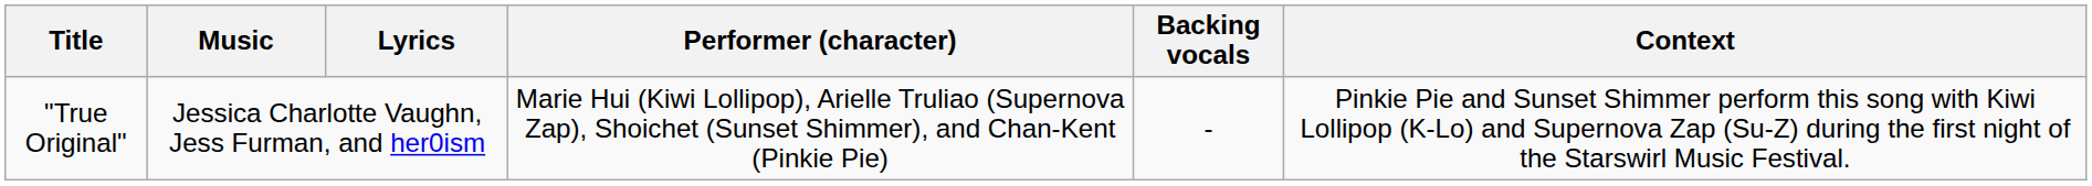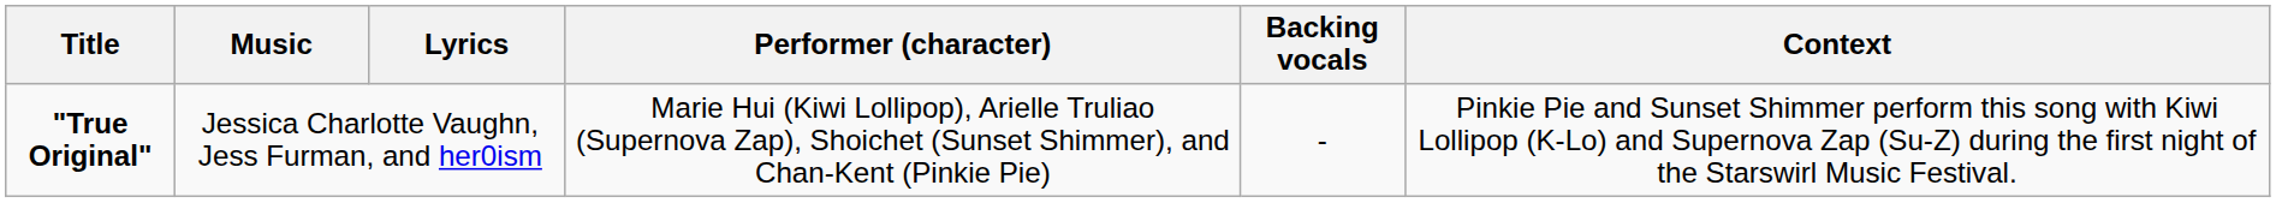 <table class="wikitable sortable" style="text-align: center">
 <tr>
 <th><strong>Title</strong></th>
 <th>Music</th>
 <th>Lyrics</th>
 <th><strong>Performer (character)</strong></th>
 <th><strong>Backing vocals</strong></th>
 <th>Context</th>
 </tr>
 <tr>
-<td>"True Original"</td>
+<td><strong>"True Original"</strong></td>
 <td colspan=2>Jessica Charlotte Vaughn, Jess Furman, and <a href='#'>her0ism</a></td>
 <td>Marie Hui (Kiwi Lollipop), Arielle Truliao (Supernova Zap), Shoichet (Sunset Shimmer), and Chan-Kent (Pinkie Pie)</td>
 <td>-</td>
 <td>Pinkie Pie and Sunset Shimmer perform this song with Kiwi Lollipop (K-Lo) and Supernova Zap (Su-Z) during the first night of the Starswirl Music Festival.</td>
 </tr>
 </table>
